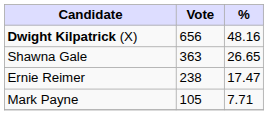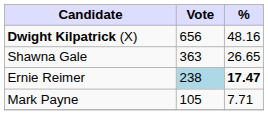 <table class="wikitable">
 <tr>
 <th style="background:#ddf; width:200px;">Candidate</th>
 <th style="background:#ddf; width:50px;">Vote</th>
 <th style="background:#ddf; width:30px;">%</th>
 </tr>
 <tr>
 <td><strong>Dwight Kilpatrick</strong> (X)</td>
 <td>656</td>
 <td>48.16</td>
 </tr>
 <tr>
 <td>Shawna Gale</td>
 <td>363</td>
 <td>26.65</td>
 </tr>
 <tr>
 <td>Ernie Reimer</td>
-<td>238</td>
-<td>17.47</td>
+<td style="background: lightblue;">238</td>
+<td><strong>17.47</strong></td>
 </tr>
 <tr>
 <td>Mark Payne</td>
 <td>105</td>
 <td>7.71</td>
 </tr>
 <tr>
 </tr>
 </table>
